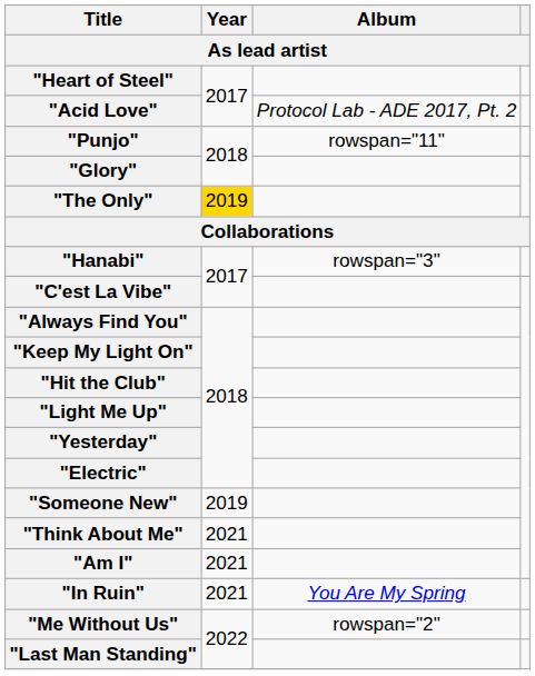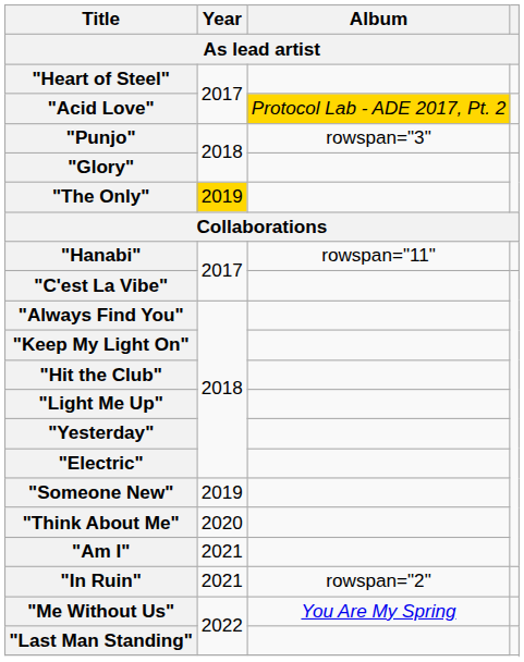 <table class="wikitable plainrowheaders" style="text-align:center">
 <tr>
 <th>Title</th>
 <th>Year</th>
 <th>Album</th>
 <th></th>
 </tr>
 <tr>
 <th colspan="4">As lead artist</th>
 </tr>
 <tr>
 <th scope="row">"Heart of Steel"<br></th>
 <td rowspan="2">2017</td>
 <td></td>
 <td></td>
 </tr>
 <tr>
 <th scope="row">"Acid Love"</th>
-<td><em>Protocol Lab - ADE 2017, Pt. 2</em></td>
+<td style="background: gold;"><em>Protocol Lab - ADE 2017, Pt. 2</em></td>
 <td></td>
 </tr>
 <tr>
 <th scope="row">"Punjo"</th>
 <td rowspan="2">2018</td>
-<td>rowspan="11" </td>
+<td>rowspan="3" </td>
 <td></td>
 </tr>
 <tr>
 <th scope="row">"Glory"</th>
 <td></td>
 </tr>
 <tr>
 <th scope="row">"The Only"<br></th>
 <td style="background: gold;">2019</td>
 <td></td>
 </tr>
 <tr>
 <th colspan="4">Collaborations</th>
 </tr>
 <tr>
 <th scope="row">"Hanabi"<br></th>
 <td rowspan="2">2017</td>
-<td>rowspan="3" </td>
+<td>rowspan="11" </td>
 <td></td>
 </tr>
 <tr>
 <th scope="row">"C'est La Vibe"<br></th>
 <td></td>
 </tr>
 <tr>
 <th scope="row">"Always Find You"<br></th>
 <td rowspan="6">2018</td>
 <td></td>
 </tr>
 <tr>
 <th scope="row">"Keep My Light On"<br></th>
 <td></td>
 </tr>
 <tr>
 <th scope="row">"Hit the Club"<br></th>
 <td></td>
 </tr>
 <tr>
 <th scope="row">"Light Me Up"<br></th>
 <td></td>
 </tr>
 <tr>
 <th scope="row">"Yesterday"<br></th>
 <td></td>
 </tr>
 <tr>
 <th scope="row">"Electric"<br></th>
 <td></td>
 </tr>
 <tr>
 <th scope="row">"Someone New"<br></th>
 <td>2019</td>
 <td></td>
 </tr>
 <tr>
 <th scope="row">"Think About Me"<br></th>
-<td>2021</td>
+<td>2020</td>
 <td></td>
 </tr>
 <tr>
 <th scope="row">"Am I"<br></th>
 <td>2021</td>
 <td></td>
 </tr>
 <tr>
 <th scope="row">"In Ruin"</th>
 <td>2021</td>
-<td><em><a href='#'>You Are My Spring</a></em></td>
+<td>rowspan="2" </td>
 <td></td>
 </tr>
 <tr>
 <th scope="row">"Me Without Us"<br></th>
 <td rowspan="2">2022</td>
-<td>rowspan="2" </td>
+<td><em><a href='#'>You Are My Spring</a></em></td>
 <td></td>
 </tr>
 <tr>
 <th scope="row">"Last Man Standing"<br></th>
 <td></td>
 </tr>
 <tr>
 </tr>
 </table>
